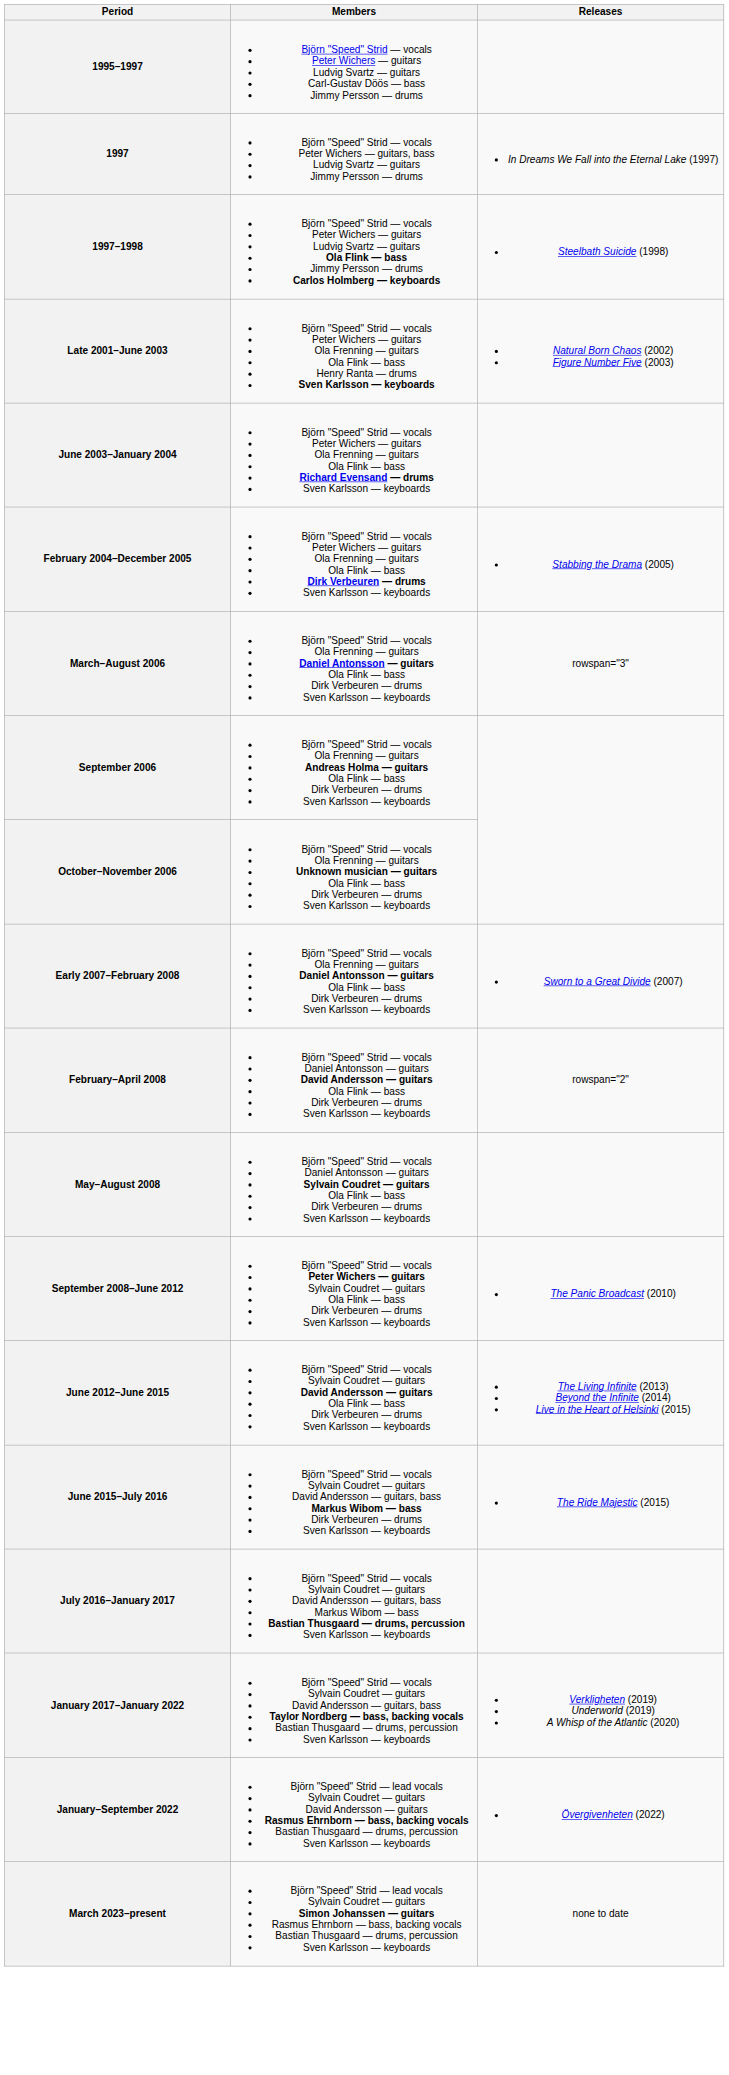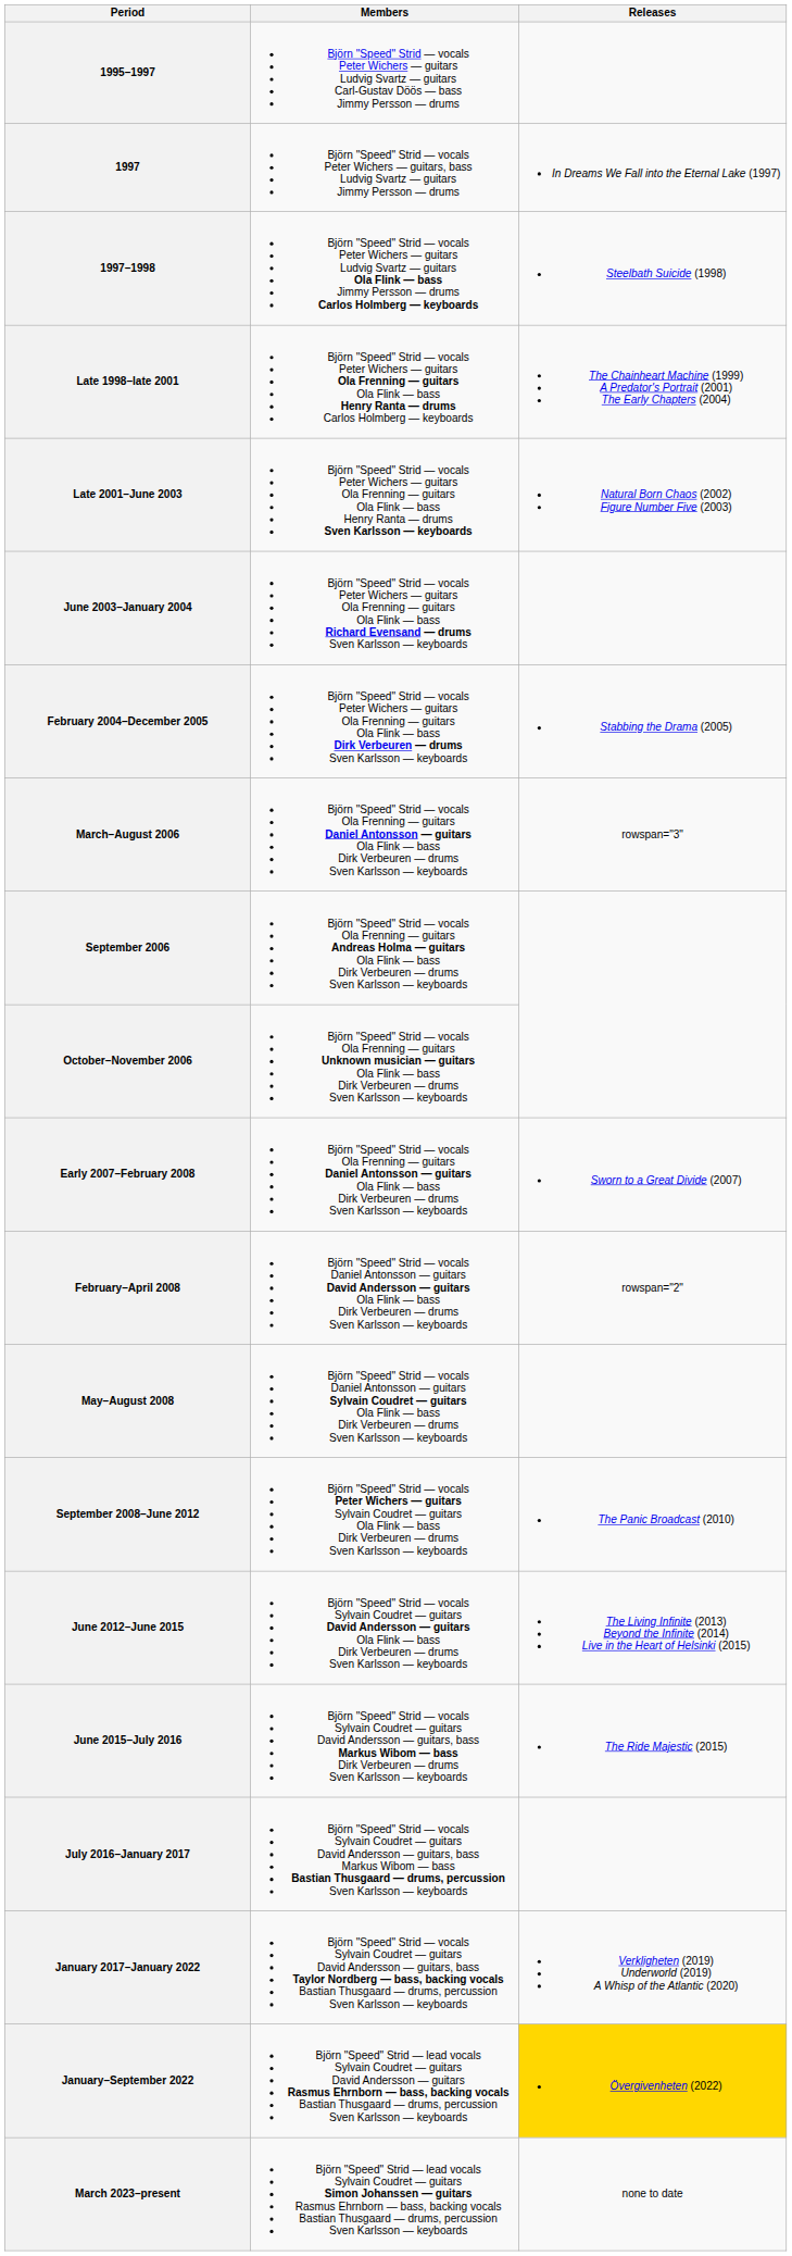 <table class="wikitable plainrowheaders" style="text-align:center;">
 <tr>
 <th scope="col" style="width:22em;">Period</th>
 <th scope="col" style="width:24em;">Members</th>
 <th scope="col" style="width:24em;">Releases</th>
 </tr>
 <tr>
 <th scope="col">1995–1997<br></th>
 <td><br><ul><li><a href='#'>Björn "Speed" Strid</a> — vocals</li><li><a href='#'>Peter Wichers</a> — guitars</li><li>Ludvig Svartz — guitars</li><li>Carl-Gustav Döös — bass</li><li>Jimmy Persson — drums</li></ul></td>
 <td></td>
 </tr>
 <tr>
 <th scope="col">1997</th>
 <td><br><ul><li>Björn "Speed" Strid — vocals</li><li>Peter Wichers — guitars, bass</li><li>Ludvig Svartz — guitars</li><li>Jimmy Persson — drums</li></ul></td>
 <td><br><ul><li><em>In Dreams We Fall into the Eternal Lake</em> (1997)</li></ul></td>
 </tr>
 <tr>
 <th scope="col">1997–1998</th>
 <td><br><ul><li>Björn "Speed" Strid — vocals</li><li>Peter Wichers — guitars</li><li>Ludvig Svartz — guitars</li><li><strong>Ola Flink — bass</strong></li><li>Jimmy Persson — drums</li><li><strong>Carlos Holmberg — keyboards</strong></li></ul></td>
 <td><br><ul><li><em><a href='#'>Steelbath Suicide</a></em> (1998)</li></ul></td>
+</tr>
+<tr>
+<th scope="col">Late 1998–late 2001</th>
+<td><br><ul><li>Björn "Speed" Strid — vocals</li><li>Peter Wichers — guitars</li><li><strong>Ola Frenning — guitars</strong></li><li>Ola Flink — bass</li><li><strong>Henry Ranta — drums</strong></li><li>Carlos Holmberg — keyboards</li></ul></td>
+<td><br><ul><li><em><a href='#'>The Chainheart Machine</a></em> (1999)</li><li><em><a href='#'>A Predator's Portrait</a></em> (2001)</li><li><em><a href='#'>The Early Chapters</a></em> (2004)</li></ul></td>
 </tr>
 <tr>
 <th scope="col">Late 2001–June 2003</th>
 <td><br><ul><li>Björn "Speed" Strid — vocals</li><li>Peter Wichers — guitars</li><li>Ola Frenning — guitars</li><li>Ola Flink — bass</li><li>Henry Ranta — drums</li><li><strong>Sven Karlsson — keyboards</strong></li></ul></td>
 <td><br><ul><li><em><a href='#'>Natural Born Chaos</a></em> (2002)</li><li><em><a href='#'>Figure Number Five</a></em> (2003)</li></ul></td>
 </tr>
 <tr>
 <th scope="col">June 2003–January 2004</th>
 <td><br><ul><li>Björn "Speed" Strid — vocals</li><li>Peter Wichers — guitars</li><li>Ola Frenning — guitars</li><li>Ola Flink — bass</li><li><strong><a href='#'>Richard Evensand</a> — drums</strong></li><li>Sven Karlsson — keyboards</li></ul></td>
 <td></td>
 </tr>
 <tr>
 <th scope="col">February 2004–December 2005</th>
 <td><br><ul><li>Björn "Speed" Strid — vocals</li><li>Peter Wichers — guitars</li><li>Ola Frenning — guitars</li><li>Ola Flink — bass</li><li><strong><a href='#'>Dirk Verbeuren</a> — drums</strong></li><li>Sven Karlsson — keyboards</li></ul></td>
 <td><br><ul><li><em><a href='#'>Stabbing the Drama</a></em> (2005)</li></ul></td>
 </tr>
 <tr>
 <th scope="col">March–August 2006</th>
 <td><br><ul><li>Björn "Speed" Strid — vocals</li><li>Ola Frenning — guitars</li><li><strong><a href='#'>Daniel Antonsson</a> — guitars</strong> </li><li>Ola Flink — bass</li><li>Dirk Verbeuren — drums</li><li>Sven Karlsson — keyboards</li></ul></td>
 <td>rowspan="3" </td>
 </tr>
 <tr>
 <th scope="col">September 2006</th>
 <td><br><ul><li>Björn "Speed" Strid — vocals</li><li>Ola Frenning — guitars</li><li><strong>Andreas Holma — guitars</strong> </li><li>Ola Flink — bass</li><li>Dirk Verbeuren — drums</li><li>Sven Karlsson — keyboards</li></ul></td>
 </tr>
 <tr>
 <th scope="col">October–November 2006</th>
 <td><br><ul><li>Björn "Speed" Strid — vocals</li><li>Ola Frenning — guitars</li><li><strong>Unknown musician — guitars</strong> </li><li>Ola Flink — bass</li><li>Dirk Verbeuren — drums</li><li>Sven Karlsson — keyboards</li></ul></td>
 </tr>
 <tr>
 <th scope="col">Early 2007–February 2008</th>
 <td><br><ul><li>Björn "Speed" Strid — vocals</li><li>Ola Frenning — guitars</li><li><strong>Daniel Antonsson — guitars</strong></li><li>Ola Flink — bass</li><li>Dirk Verbeuren — drums</li><li>Sven Karlsson — keyboards</li></ul></td>
 <td><br><ul><li><em><a href='#'>Sworn to a Great Divide</a></em> (2007)</li></ul></td>
 </tr>
 <tr>
 <th scope="col">February–April 2008</th>
 <td><br><ul><li>Björn "Speed" Strid — vocals</li><li>Daniel Antonsson — guitars</li><li><strong>David Andersson — guitars</strong> </li><li>Ola Flink — bass</li><li>Dirk Verbeuren — drums</li><li>Sven Karlsson — keyboards</li></ul></td>
 <td>rowspan="2" </td>
 </tr>
 <tr>
 <th scope="col">May–August 2008</th>
 <td><br><ul><li>Björn "Speed" Strid — vocals</li><li>Daniel Antonsson — guitars</li><li><strong>Sylvain Coudret — guitars</strong> </li><li>Ola Flink — bass</li><li>Dirk Verbeuren — drums</li><li>Sven Karlsson — keyboards</li></ul></td>
 </tr>
 <tr>
 <th scope="col">September 2008–June 2012</th>
 <td><br><ul><li>Björn "Speed" Strid — vocals</li><li><strong>Peter Wichers — guitars</strong></li><li>Sylvain Coudret — guitars</li><li>Ola Flink — bass</li><li>Dirk Verbeuren — drums</li><li>Sven Karlsson — keyboards</li></ul></td>
 <td><br><ul><li><em><a href='#'>The Panic Broadcast</a></em> (2010)</li></ul></td>
 </tr>
 <tr>
 <th scope="col">June 2012–June 2015</th>
 <td><br><ul><li>Björn "Speed" Strid — vocals</li><li>Sylvain Coudret — guitars</li><li><strong>David Andersson — guitars</strong></li><li>Ola Flink — bass</li><li>Dirk Verbeuren — drums</li><li>Sven Karlsson — keyboards</li></ul></td>
 <td><br><ul><li><em><a href='#'>The Living Infinite</a></em> (2013)</li><li><em><a href='#'>Beyond the Infinite</a></em> (2014)</li><li><em><a href='#'>Live in the Heart of Helsinki</a></em> (2015)</li></ul></td>
 </tr>
 <tr>
 <th scope="col">June 2015–July 2016</th>
 <td><br><ul><li>Björn "Speed" Strid — vocals</li><li>Sylvain Coudret — guitars</li><li>David Andersson — guitars, bass</li><li><strong>Markus Wibom — bass</strong> </li><li>Dirk Verbeuren — drums</li><li>Sven Karlsson — keyboards</li></ul></td>
 <td><br><ul><li><em><a href='#'>The Ride Majestic</a></em> (2015)</li></ul></td>
 </tr>
 <tr>
 <th scope="col">July 2016–January 2017</th>
 <td><br><ul><li>Björn "Speed" Strid — vocals</li><li>Sylvain Coudret — guitars</li><li>David Andersson — guitars, bass</li><li>Markus Wibom — bass </li><li><strong>Bastian Thusgaard — drums, percussion</strong></li><li>Sven Karlsson — keyboards</li></ul></td>
 <td></td>
 </tr>
 <tr>
 <th scope="col">January 2017–January 2022</th>
 <td><br><ul><li>Björn "Speed" Strid — vocals</li><li>Sylvain Coudret — guitars</li><li>David Andersson — guitars, bass</li><li><strong>Taylor Nordberg — bass, backing vocals</strong> </li><li>Bastian Thusgaard — drums, percussion</li><li>Sven Karlsson — keyboards</li></ul></td>
 <td><br><ul><li><em><a href='#'>Verkligheten</a></em> (2019)</li><li><em>Underworld</em> (2019)</li><li><em>A Whisp of the Atlantic</em> (2020)</li></ul></td>
 </tr>
 <tr>
 <th scope="col">January–September 2022</th>
 <td><br><ul><li>Björn "Speed" Strid — lead vocals</li><li>Sylvain Coudret — guitars</li><li>David Andersson — guitars</li><li><strong>Rasmus Ehrnborn — bass, backing vocals</strong></li><li>Bastian Thusgaard — drums, percussion</li><li>Sven Karlsson — keyboards</li></ul></td>
-<td><br><ul><li><em><a href='#'>Övergivenheten</a></em> (2022)</li></ul></td>
+<td style="background: gold;"><br><ul><li><em><a href='#'>Övergivenheten</a></em> (2022)</li></ul></td>
 </tr>
 <tr>
 <th scope="col">March 2023–present</th>
 <td><br><ul><li>Björn "Speed" Strid — lead vocals</li><li>Sylvain Coudret — guitars</li><li><strong>Simon Johanssen — guitars</strong></li><li>Rasmus Ehrnborn — bass, backing vocals</li><li>Bastian Thusgaard — drums, percussion</li><li>Sven Karlsson — keyboards</li></ul></td>
 <td>none to date</td>
 </tr>
 </table>
